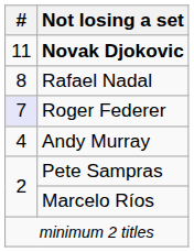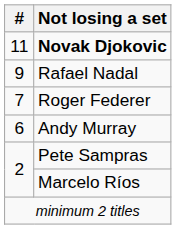 <table class="wikitable" style="display:inline-table;">
 <tr>
 <th width=20>#</th>
 <th>Not losing a set</th>
 </tr>
 <tr>
 <td style="text-align: center;">11</td>
 <td> <strong>Novak Djokovic</strong></td>
 </tr>
 <tr>
-<td style="text-align: center;">8</td>
+<td style="text-align: center;">9</td>
 <td> Rafael Nadal</td>
 </tr>
 <tr>
-<td style="background: lavender; text-align: center;">7</td>
+<td style="text-align: center;">7</td>
 <td> Roger Federer</td>
 </tr>
 <tr>
-<td style="text-align: center;">4</td>
+<td style="text-align: center;">6</td>
 <td> Andy Murray</td>
 </tr>
 <tr>
 <td rowspan="2" style="text-align: center;">2</td>
 <td> Pete Sampras</td>
 </tr>
 <tr>
 <td> Marcelo Ríos</td>
 </tr>
 <tr>
 <td colspan="3" style="text-align: center;"><small><em>minimum 2 titles</em></small></td>
 </tr>
 </table>
